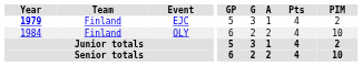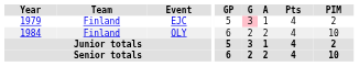 <table border="0" cellpadding="1" cellspacing="0" ID="Table3" style="text-align:center; width:40em">
 <tr bgcolor="#e0e0e0">
 <th>Year</th>
 <th>Team</th>
 <th>Event</th>
 <th rowspan="102" bgcolor="#ffffff"></th>
 <th>GP</th>
 <th>G</th>
 <th>A</th>
 <th>Pts</th>
 <th>PIM</th>
 </tr>
 <tr>
-<td><strong><a href='#'>1979</a></strong></td>
+<td><a href='#'>1979</a></td>
 <td><a href='#'>Finland</a></td>
 <td><a href='#'>EJC</a></td>
 <td>5</td>
-<td>3</td>
+<td style="background: pink;">3</td>
 <td>1</td>
 <td>4</td>
 <td>2</td>
 </tr>
 <tr bgcolor="#f0f0f0">
 <td><a href='#'>1984</a></td>
 <td><a href='#'>Finland</a></td>
 <td><a href='#'>OLY</a></td>
 <td>6</td>
 <td>2</td>
 <td>2</td>
 <td>4</td>
 <td>10</td>
 </tr>
 <tr bgcolor="#e0e0e0">
 <th colspan="3">Junior totals</th>
 <th>5</th>
 <th>3</th>
 <th>1</th>
 <th>4</th>
 <th>2</th>
 </tr>
 <tr bgcolor="#e0e0e0">
 <th colspan="3">Senior totals</th>
 <th>6</th>
 <th>2</th>
 <th>2</th>
 <th>4</th>
 <th>10</th>
 </tr>
 </table>
